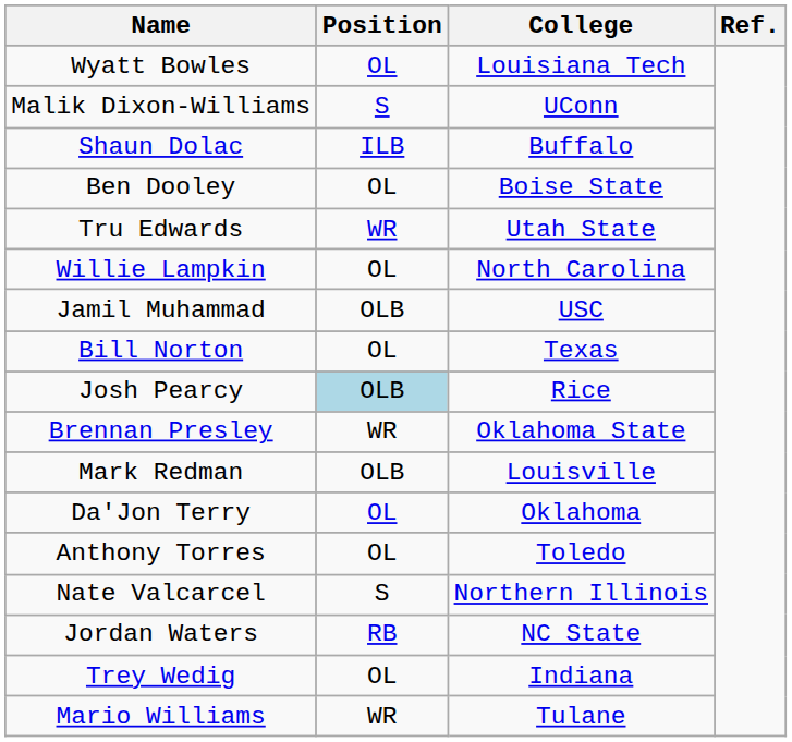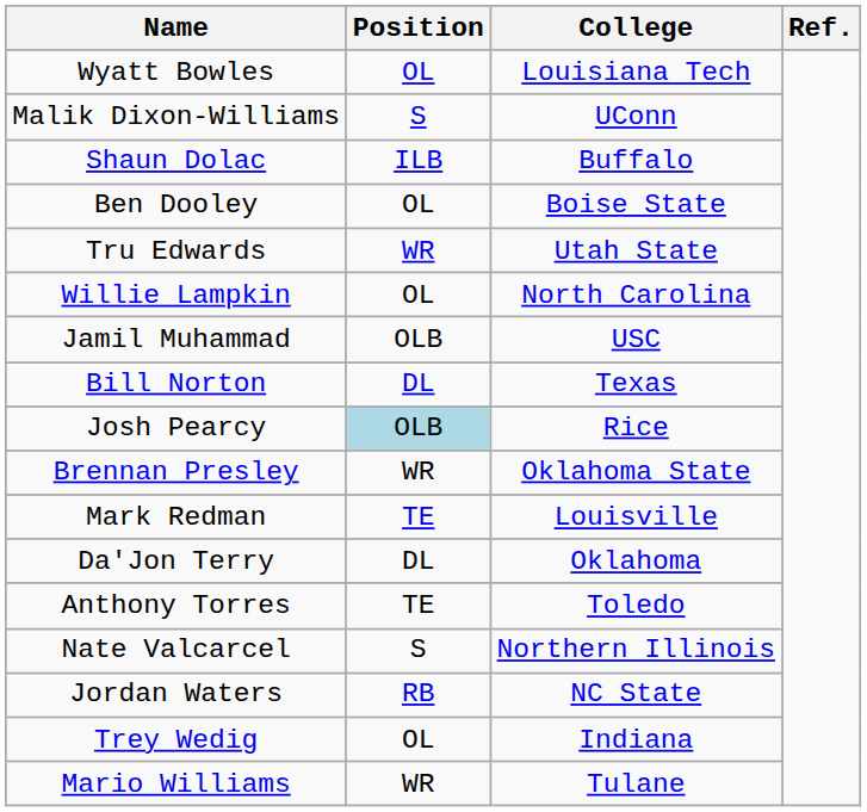 <table class="wikitable" style="text-align:center">
 <tr>
 <th>Name</th>
 <th>Position</th>
 <th>College</th>
 <th>Ref.</th>
 </tr>
 <tr>
 <td>Wyatt Bowles</td>
 <td><a href='#'>OL</a></td>
 <td><a href='#'>Louisiana Tech</a></td>
 <td rowspan="17"></td>
 </tr>
 <tr>
 <td>Malik Dixon-Williams</td>
 <td><a href='#'>S</a></td>
 <td><a href='#'>UConn</a></td>
 </tr>
 <tr>
 <td><a href='#'>Shaun Dolac</a></td>
 <td><a href='#'>ILB</a></td>
 <td><a href='#'>Buffalo</a></td>
 </tr>
 <tr>
 <td>Ben Dooley</td>
 <td>OL</td>
 <td><a href='#'>Boise State</a></td>
 </tr>
 <tr>
 <td>Tru Edwards</td>
 <td><a href='#'>WR</a></td>
 <td><a href='#'>Utah State</a></td>
 </tr>
 <tr>
 <td><a href='#'>Willie Lampkin</a></td>
 <td>OL</td>
 <td><a href='#'>North Carolina</a></td>
 </tr>
 <tr>
 <td>Jamil Muhammad</td>
 <td>OLB</td>
 <td><a href='#'>USC</a></td>
 </tr>
 <tr>
 <td><a href='#'>Bill Norton</a></td>
-<td>OL</td>
+<td><a href='#'>DL</a></td>
 <td><a href='#'>Texas</a></td>
 </tr>
 <tr>
 <td>Josh Pearcy</td>
 <td style="background: lightblue;">OLB</td>
 <td><a href='#'>Rice</a></td>
 </tr>
 <tr>
 <td><a href='#'>Brennan Presley</a></td>
 <td>WR</td>
 <td><a href='#'>Oklahoma State</a></td>
 </tr>
 <tr>
 <td>Mark Redman</td>
-<td>OLB</td>
+<td><a href='#'>TE</a></td>
 <td><a href='#'>Louisville</a></td>
 </tr>
 <tr>
 <td>Da'Jon Terry</td>
-<td><a href='#'>OL</a></td>
+<td>DL</td>
 <td><a href='#'>Oklahoma</a></td>
 </tr>
 <tr>
 <td>Anthony Torres</td>
-<td>OL</td>
+<td>TE</td>
 <td><a href='#'>Toledo</a></td>
 </tr>
 <tr>
 <td>Nate Valcarcel</td>
 <td>S</td>
 <td><a href='#'>Northern Illinois</a></td>
 </tr>
 <tr>
 <td>Jordan Waters</td>
 <td><a href='#'>RB</a></td>
 <td><a href='#'>NC State</a></td>
 </tr>
 <tr>
 <td><a href='#'>Trey Wedig</a></td>
 <td>OL</td>
 <td><a href='#'>Indiana</a></td>
 </tr>
 <tr>
 <td><a href='#'>Mario Williams</a></td>
 <td>WR</td>
 <td><a href='#'>Tulane</a></td>
 </tr>
 </table>
